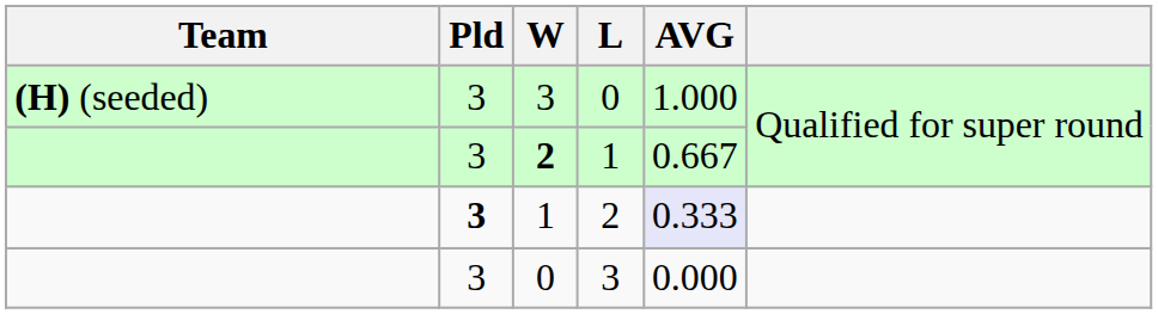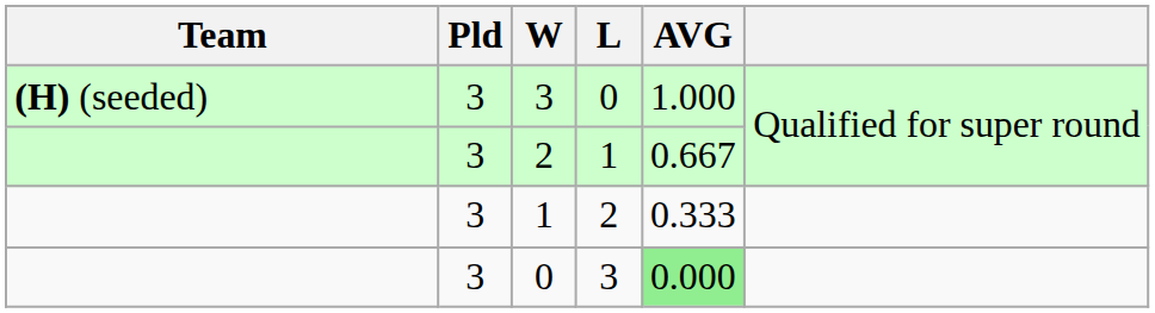 <table class="wikitable" style="text-align:center;">
 <tr>
 <th width=175>Team</th>
 <th width=20 abbr="Played">Pld</th>
 <th width=20 abbr="Won">W</th>
 <th width=20 abbr="Lost">L</th>
 <th width=30 abbr="Average">AVG</th>
 <th></th>
 </tr>
 <tr style="background:#ccffcc">
 <td align=left> <strong>(H)</strong> (seeded)</td>
 <td>3</td>
 <td>3</td>
 <td>0</td>
 <td>1.000</td>
 <td rowspan="2">Qualified for super round</td>
 </tr>
 <tr style="background:#ccffcc">
 <td align=left></td>
 <td>3</td>
-<td><strong>2</strong></td>
+<td>2</td>
 <td>1</td>
 <td>0.667</td>
 </tr>
 <tr>
 <td align=left></td>
-<td><strong>3</strong></td>
+<td>3</td>
 <td>1</td>
 <td>2</td>
-<td style="background: lavender;">0.333</td>
+<td>0.333</td>
 <td></td>
 </tr>
 <tr>
 <td align=left></td>
 <td>3</td>
 <td>0</td>
 <td>3</td>
-<td>0.000</td>
+<td style="background: lightgreen;">0.000</td>
 <td></td>
 </tr>
 </table>
